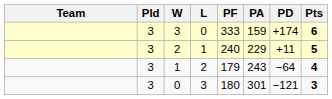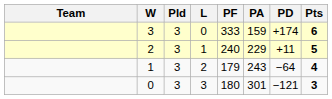 <table class=wikitable style="text-align:center">
 <tr>
 <th width=180>Team</th>
+<th width=30>W</th>
 <th width=30>Pld</th>
-<th width=30>W</th>
 <th width=30>L</th>
 <th width=30>PF</th>
 <th width=30>PA</th>
 <th width=30>PD</th>
 <th width=30>Pts</th>
 </tr>
 <tr align=center bgcolor="#ffffcc">
 <td align="left"></td>
 <td>3</td>
 <td>3</td>
 <td>0</td>
 <td>333</td>
 <td>159</td>
 <td>+174</td>
 <td><strong>6</strong></td>
 </tr>
 <tr align=center bgcolor="#ffffcc">
 <td align="left"></td>
+<td>2</td>
 <td>3</td>
-<td>2</td>
 <td>1</td>
 <td>240</td>
 <td>229</td>
 <td>+11</td>
 <td><strong>5</strong></td>
 </tr>
 <tr>
 <td align="left"></td>
+<td>1</td>
 <td>3</td>
-<td>1</td>
 <td>2</td>
 <td>179</td>
 <td>243</td>
 <td>−64</td>
 <td><strong>4</strong></td>
 </tr>
 <tr>
 <td align="left"></td>
+<td>0</td>
 <td>3</td>
-<td>0</td>
 <td>3</td>
 <td>180</td>
 <td>301</td>
 <td>−121</td>
 <td><strong>3</strong></td>
 </tr>
 </table>
